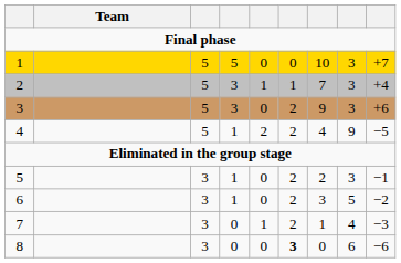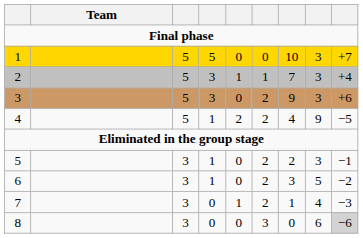 <table class="wikitable" style="text-align:center">
 <tr>
 <th width="25"></th>
 <th width="165">Team</th>
 <th width="25"></th>
 <th width="25"></th>
 <th width="25"></th>
 <th width="25"></th>
 <th width="25"></th>
 <th width="25"></th>
 <th width="25"></th>
 </tr>
 <tr>
 <td colspan=10><strong>Final phase</strong></td>
 </tr>
 <tr style="background:#FFD700;">
 <td>1</td>
 <td align=left><strong></strong></td>
 <td>5</td>
 <td>5</td>
 <td>0</td>
 <td>0</td>
 <td>10</td>
 <td>3</td>
 <td>+7</td>
 </tr>
 <tr style="background:#C0C0C0;">
 <td>2</td>
 <td align=left><strong></strong></td>
 <td>5</td>
 <td>3</td>
 <td>1</td>
 <td>1</td>
 <td>7</td>
 <td>3</td>
 <td>+4</td>
 </tr>
 <tr style="background:#cc9966;">
 <td>3</td>
 <td align=left><strong></strong></td>
 <td>5</td>
 <td>3</td>
 <td>0</td>
 <td>2</td>
 <td>9</td>
 <td>3</td>
 <td>+6</td>
 </tr>
 <tr>
 <td>4</td>
 <td align=left></td>
 <td>5</td>
 <td>1</td>
 <td>2</td>
 <td>2</td>
 <td>4</td>
 <td>9</td>
 <td>−5</td>
 </tr>
 <tr>
 <td colspan=10><strong>Eliminated in the group stage</strong></td>
 </tr>
 <tr>
 <td>5</td>
 <td align=left></td>
 <td>3</td>
 <td>1</td>
 <td>0</td>
 <td>2</td>
 <td>2</td>
 <td>3</td>
 <td>−1</td>
 </tr>
 <tr>
 <td>6</td>
 <td align=left></td>
 <td>3</td>
 <td>1</td>
 <td>0</td>
 <td>2</td>
 <td>3</td>
 <td>5</td>
 <td>−2</td>
 </tr>
 <tr>
 <td>7</td>
 <td align=left></td>
 <td>3</td>
 <td>0</td>
 <td>1</td>
 <td>2</td>
 <td>1</td>
 <td>4</td>
 <td>−3</td>
 </tr>
 <tr>
 <td>8</td>
 <td align=left></td>
 <td>3</td>
 <td>0</td>
 <td>0</td>
-<td><strong>3</strong></td>
+<td>3</td>
 <td>0</td>
 <td>6</td>
-<td>−6</td>
+<td style="background: lightgrey;">−6</td>
 </tr>
 </table>
